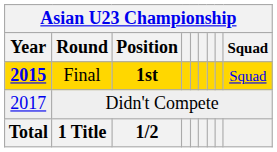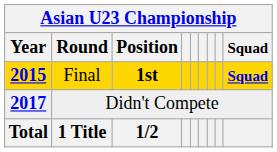 <table class="wikitable" style="text-align: center;">
 <tr>
 <th colspan=9><a href='#'>Asian U23 Championship</a></th>
 </tr>
 <tr>
 <th>Year</th>
 <th>Round</th>
 <th>Position</th>
 <th></th>
 <th></th>
 <th></th>
 <th></th>
 <th></th>
 <th><small>Squad</small></th>
 </tr>
 <tr bgcolor=gold>
 <td><strong> <a href='#'>2015</a></strong></td>
 <td>Final</td>
 <td><strong>1st</strong></td>
 <td></td>
 <td></td>
 <td></td>
 <td></td>
 <td></td>
-<td><small><a href='#'>Squad</a></small></td>
+<td><strong><small><a href='#'>Squad</a></small></strong></td>
 </tr>
 <tr bgcolor="efefef">
-<td> <a href='#'>2017</a></td>
+<td><strong> <a href='#'>2017</a></strong></td>
 <td colspan=9>Didn't Compete</td>
 </tr>
 <tr>
 <th>Total</th>
 <th>1 Title</th>
 <th>1/2</th>
 <th></th>
 <th></th>
 <th></th>
 <th></th>
 <th></th>
 <th></th>
 </tr>
 </table>
